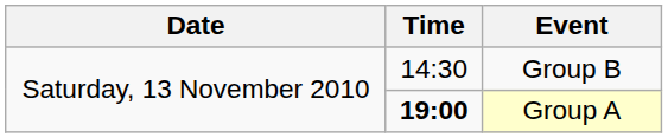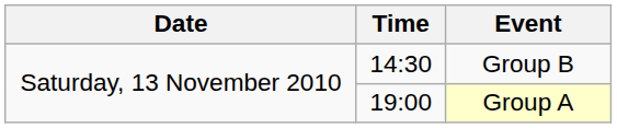 <table class = "wikitable" style="text-align:center;">
 <tr>
 <th width=220>Date</th>
 <th width=50>Time</th>
 <th width=100>Event</th>
 </tr>
 <tr>
 <td rowspan=2>Saturday, 13 November 2010</td>
 <td>14:30</td>
 <td>Group B</td>
 </tr>
 <tr>
-<td><strong>19:00</strong></td>
+<td>19:00</td>
 <td bgcolor=ffffcc>Group A</td>
 </tr>
 </table>
